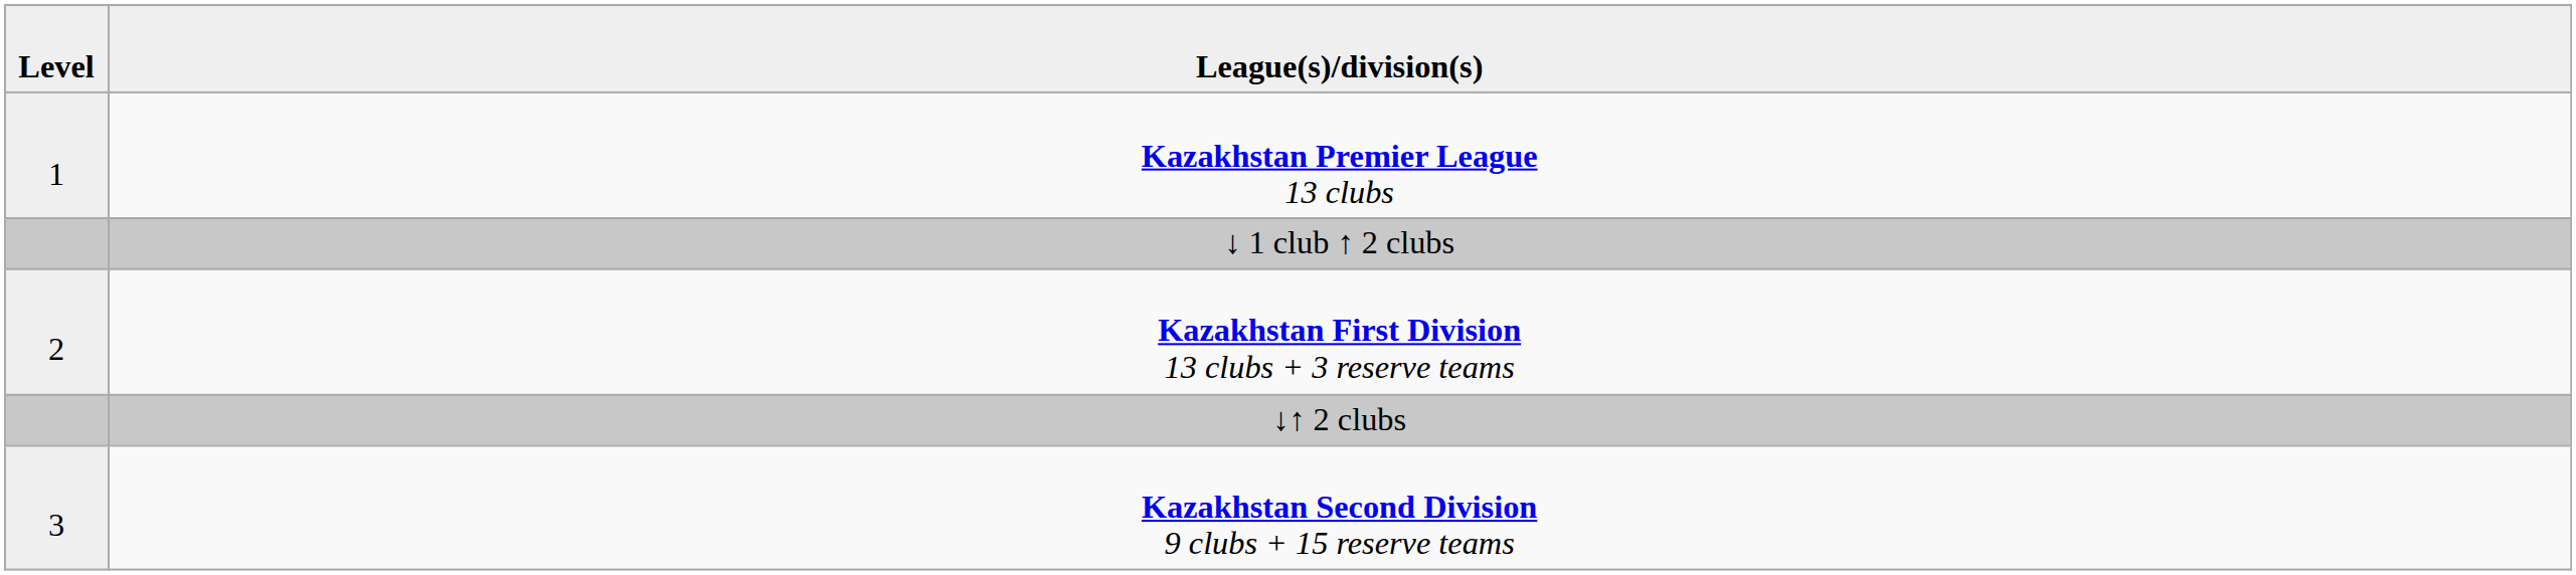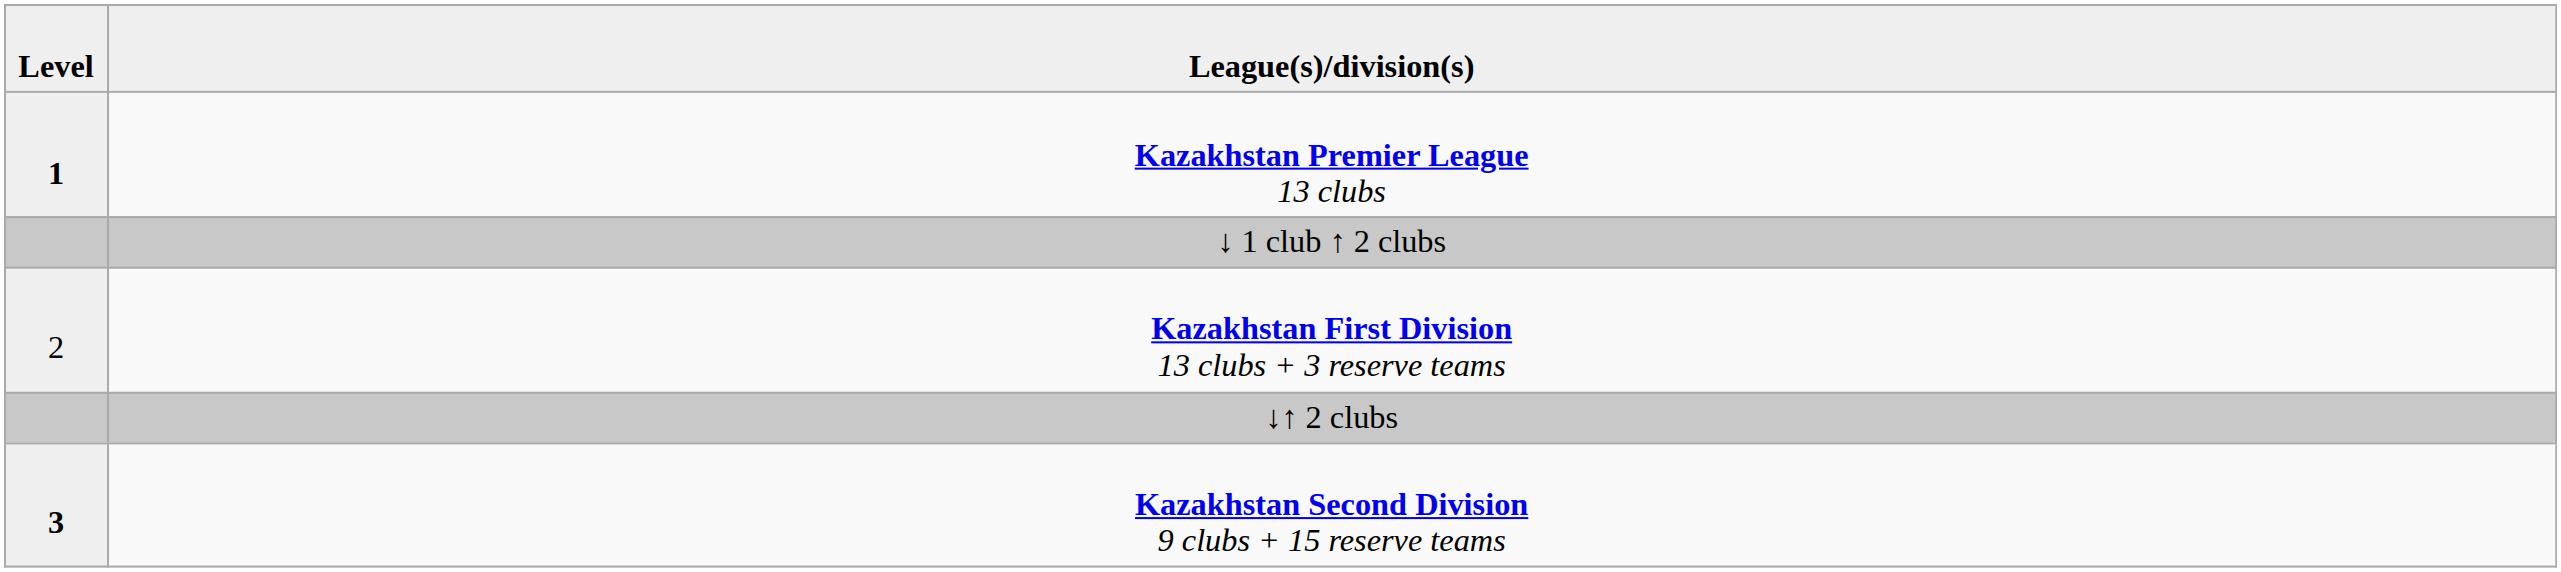 <table class="wikitable" style="text-align:center; width:100%;">
 <tr style="background:#efefef;">
 <td style="width:4%; text-align:center;"><br><strong>Level</strong></td>
 <td colspan="12"  style="width:96%; text-align:center;"><br><strong>League(s)/division(s)</strong></td>
 </tr>
 <tr>
-<td style="text-align:center; width:4%; background:#efefef;"><br>1</td>
+<td style="text-align:center; width:4%; background:#efefef;"><strong><br>1</strong></td>
 <td colspan="12"  style="width:96%; text-align:center;"><br><strong><a href='#'>Kazakhstan Premier League</a></strong><br> <em>13 clubs</em><br></td>
 </tr>
 <tr style="background:#c8c8c8">
 <td style="width:4%;"></td>
 <td colspan="9" style="width:96%;">↓ 1 club ↑ 2 clubs</td>
 </tr>
 <tr>
 <td style="text-align:center; width:4%; background:#efefef;"><br>2</td>
 <td colspan="12"  style="width:96%; text-align:center;"><br><strong><a href='#'>Kazakhstan First Division</a></strong><br> <em>13 clubs + 3 reserve teams</em><br></td>
 </tr>
 <tr style="background:#c8c8c8">
 <td style="width:4%;"></td>
 <td colspan="9" style="width:96%;">↓↑ 2 clubs</td>
 </tr>
 <tr>
-<td style="text-align:center; width:4%; background:#efefef;"><br>3</td>
+<td style="text-align:center; width:4%; background:#efefef;"><strong><br>3</strong></td>
 <td colspan="12"  style="width:96%; text-align:center;"><br><strong><a href='#'>Kazakhstan Second Division</a></strong><br> <em>9 clubs + 15 reserve teams</em><br></td>
 </tr>
 </table>
